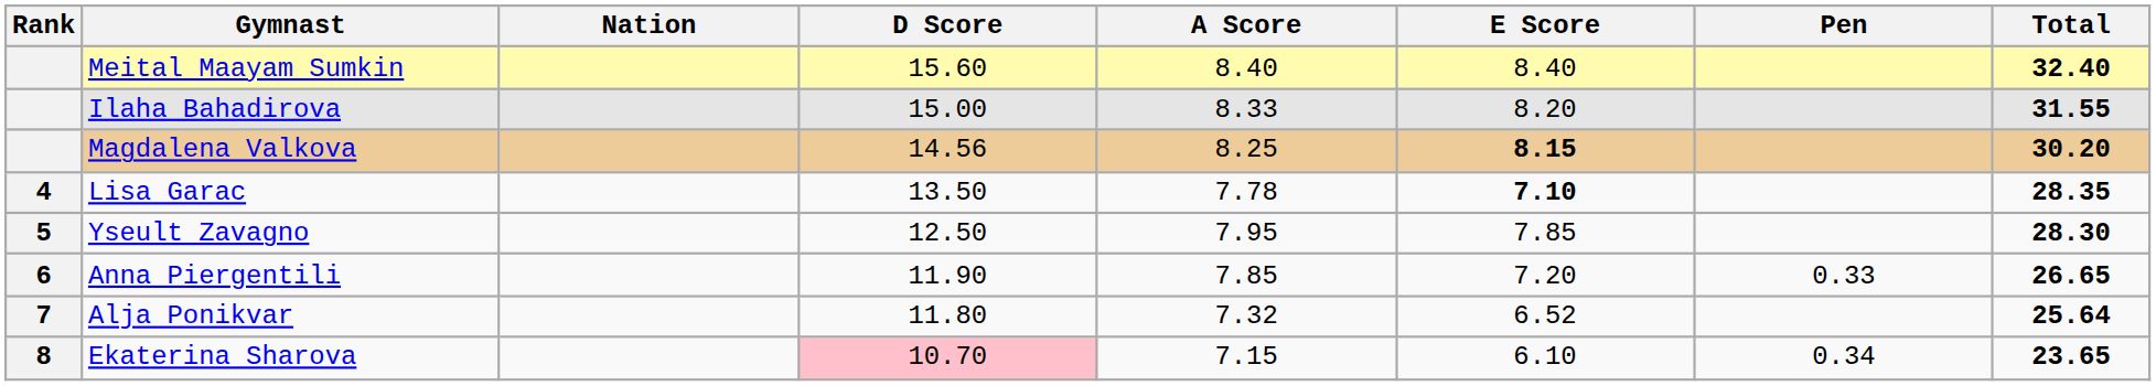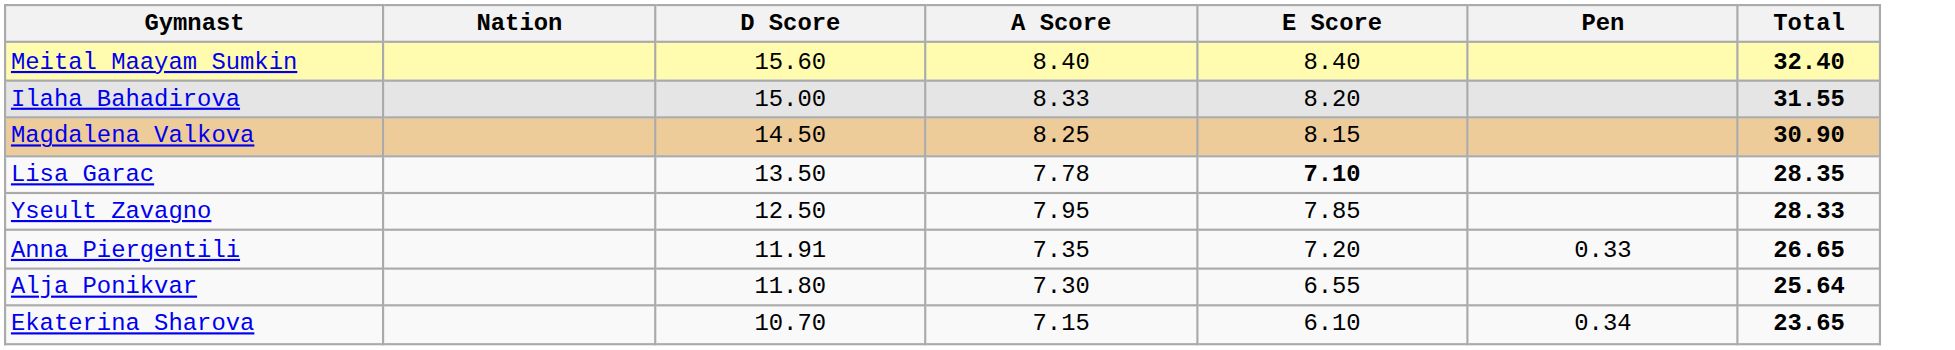 <table class="wikitable sortable" style="text-align:center; font-size:85%">
 <tr>
-<th scope="col" style="width:20px;">Rank</th>
 <th ! scope="col" style="width:170px;">Gymnast</th>
 <th ! scope="col" style="width:120px;">Nation</th>
 <th ! scope="col" style="width:120px;">D Score</th>
 <th ! scope="col" style="width:120px;">A Score</th>
 <th ! scope="col" style="width:120px;">E Score</th>
 <th ! scope="col" style="width:120px;">Pen</th>
 <th scope="col" style="width:60px;" !>Total</th>
 </tr>
 <tr bgcolor=fffcaf>
-<th scope=row></th>
 <td align=left><a href='#'>Meital Maayam Sumkin</a></td>
 <td style="text-align:left;"></td>
 <td>15.60</td>
 <td>8.40</td>
 <td>8.40</td>
 <td></td>
 <td><strong>32.40</strong></td>
 </tr>
 <tr bgcolor=e5e5e5>
-<th scope=row></th>
 <td align=left><a href='#'>Ilaha Bahadirova</a></td>
 <td style="text-align:left;"></td>
 <td>15.00</td>
 <td>8.33</td>
 <td>8.20</td>
 <td></td>
 <td><strong>31.55</strong></td>
 </tr>
 <tr bgcolor=eecc99>
-<th scope=row></th>
 <td align=left><a href='#'>Magdalena Valkova</a></td>
 <td style="text-align:left;"></td>
-<td>14.56</td>
+<td>14.50</td>
 <td>8.25</td>
-<td><strong>8.15</strong></td>
+<td>8.15</td>
 <td></td>
-<td><strong>30.20</strong></td>
+<td><strong>30.90</strong></td>
 </tr>
 <tr>
-<th scope=row>4</th>
 <td align=left><a href='#'>Lisa Garac</a></td>
 <td style="text-align:left;"></td>
 <td>13.50</td>
 <td>7.78</td>
 <td><strong>7.10</strong></td>
 <td></td>
 <td><strong>28.35</strong></td>
 </tr>
 <tr>
-<th scope=row>5</th>
 <td align=left><a href='#'>Yseult Zavagno</a></td>
 <td style="text-align:left;"></td>
 <td>12.50</td>
 <td>7.95</td>
 <td>7.85</td>
 <td></td>
-<td><strong>28.30</strong></td>
+<td><strong>28.33</strong></td>
 </tr>
 <tr>
-<th scope=row>6</th>
 <td align=left><a href='#'>Anna Piergentili</a></td>
 <td style="text-align:left;"></td>
-<td>11.90</td>
-<td>7.85</td>
+<td>11.91</td>
+<td>7.35</td>
 <td>7.20</td>
 <td>0.33</td>
 <td><strong>26.65</strong></td>
 </tr>
 <tr>
-<th scope=row>7</th>
 <td align=left><a href='#'>Alja Ponikvar</a></td>
 <td style="text-align:left;"></td>
 <td>11.80</td>
-<td>7.32</td>
-<td>6.52</td>
+<td>7.30</td>
+<td>6.55</td>
 <td></td>
 <td><strong>25.64</strong></td>
 </tr>
 <tr>
-<th scope=row>8</th>
 <td align=left><a href='#'>Ekaterina Sharova</a></td>
 <td style="text-align:left;"></td>
-<td style="background: pink;">10.70</td>
+<td>10.70</td>
 <td>7.15</td>
 <td>6.10</td>
 <td>0.34</td>
 <td><strong>23.65</strong></td>
 </tr>
 </table>
